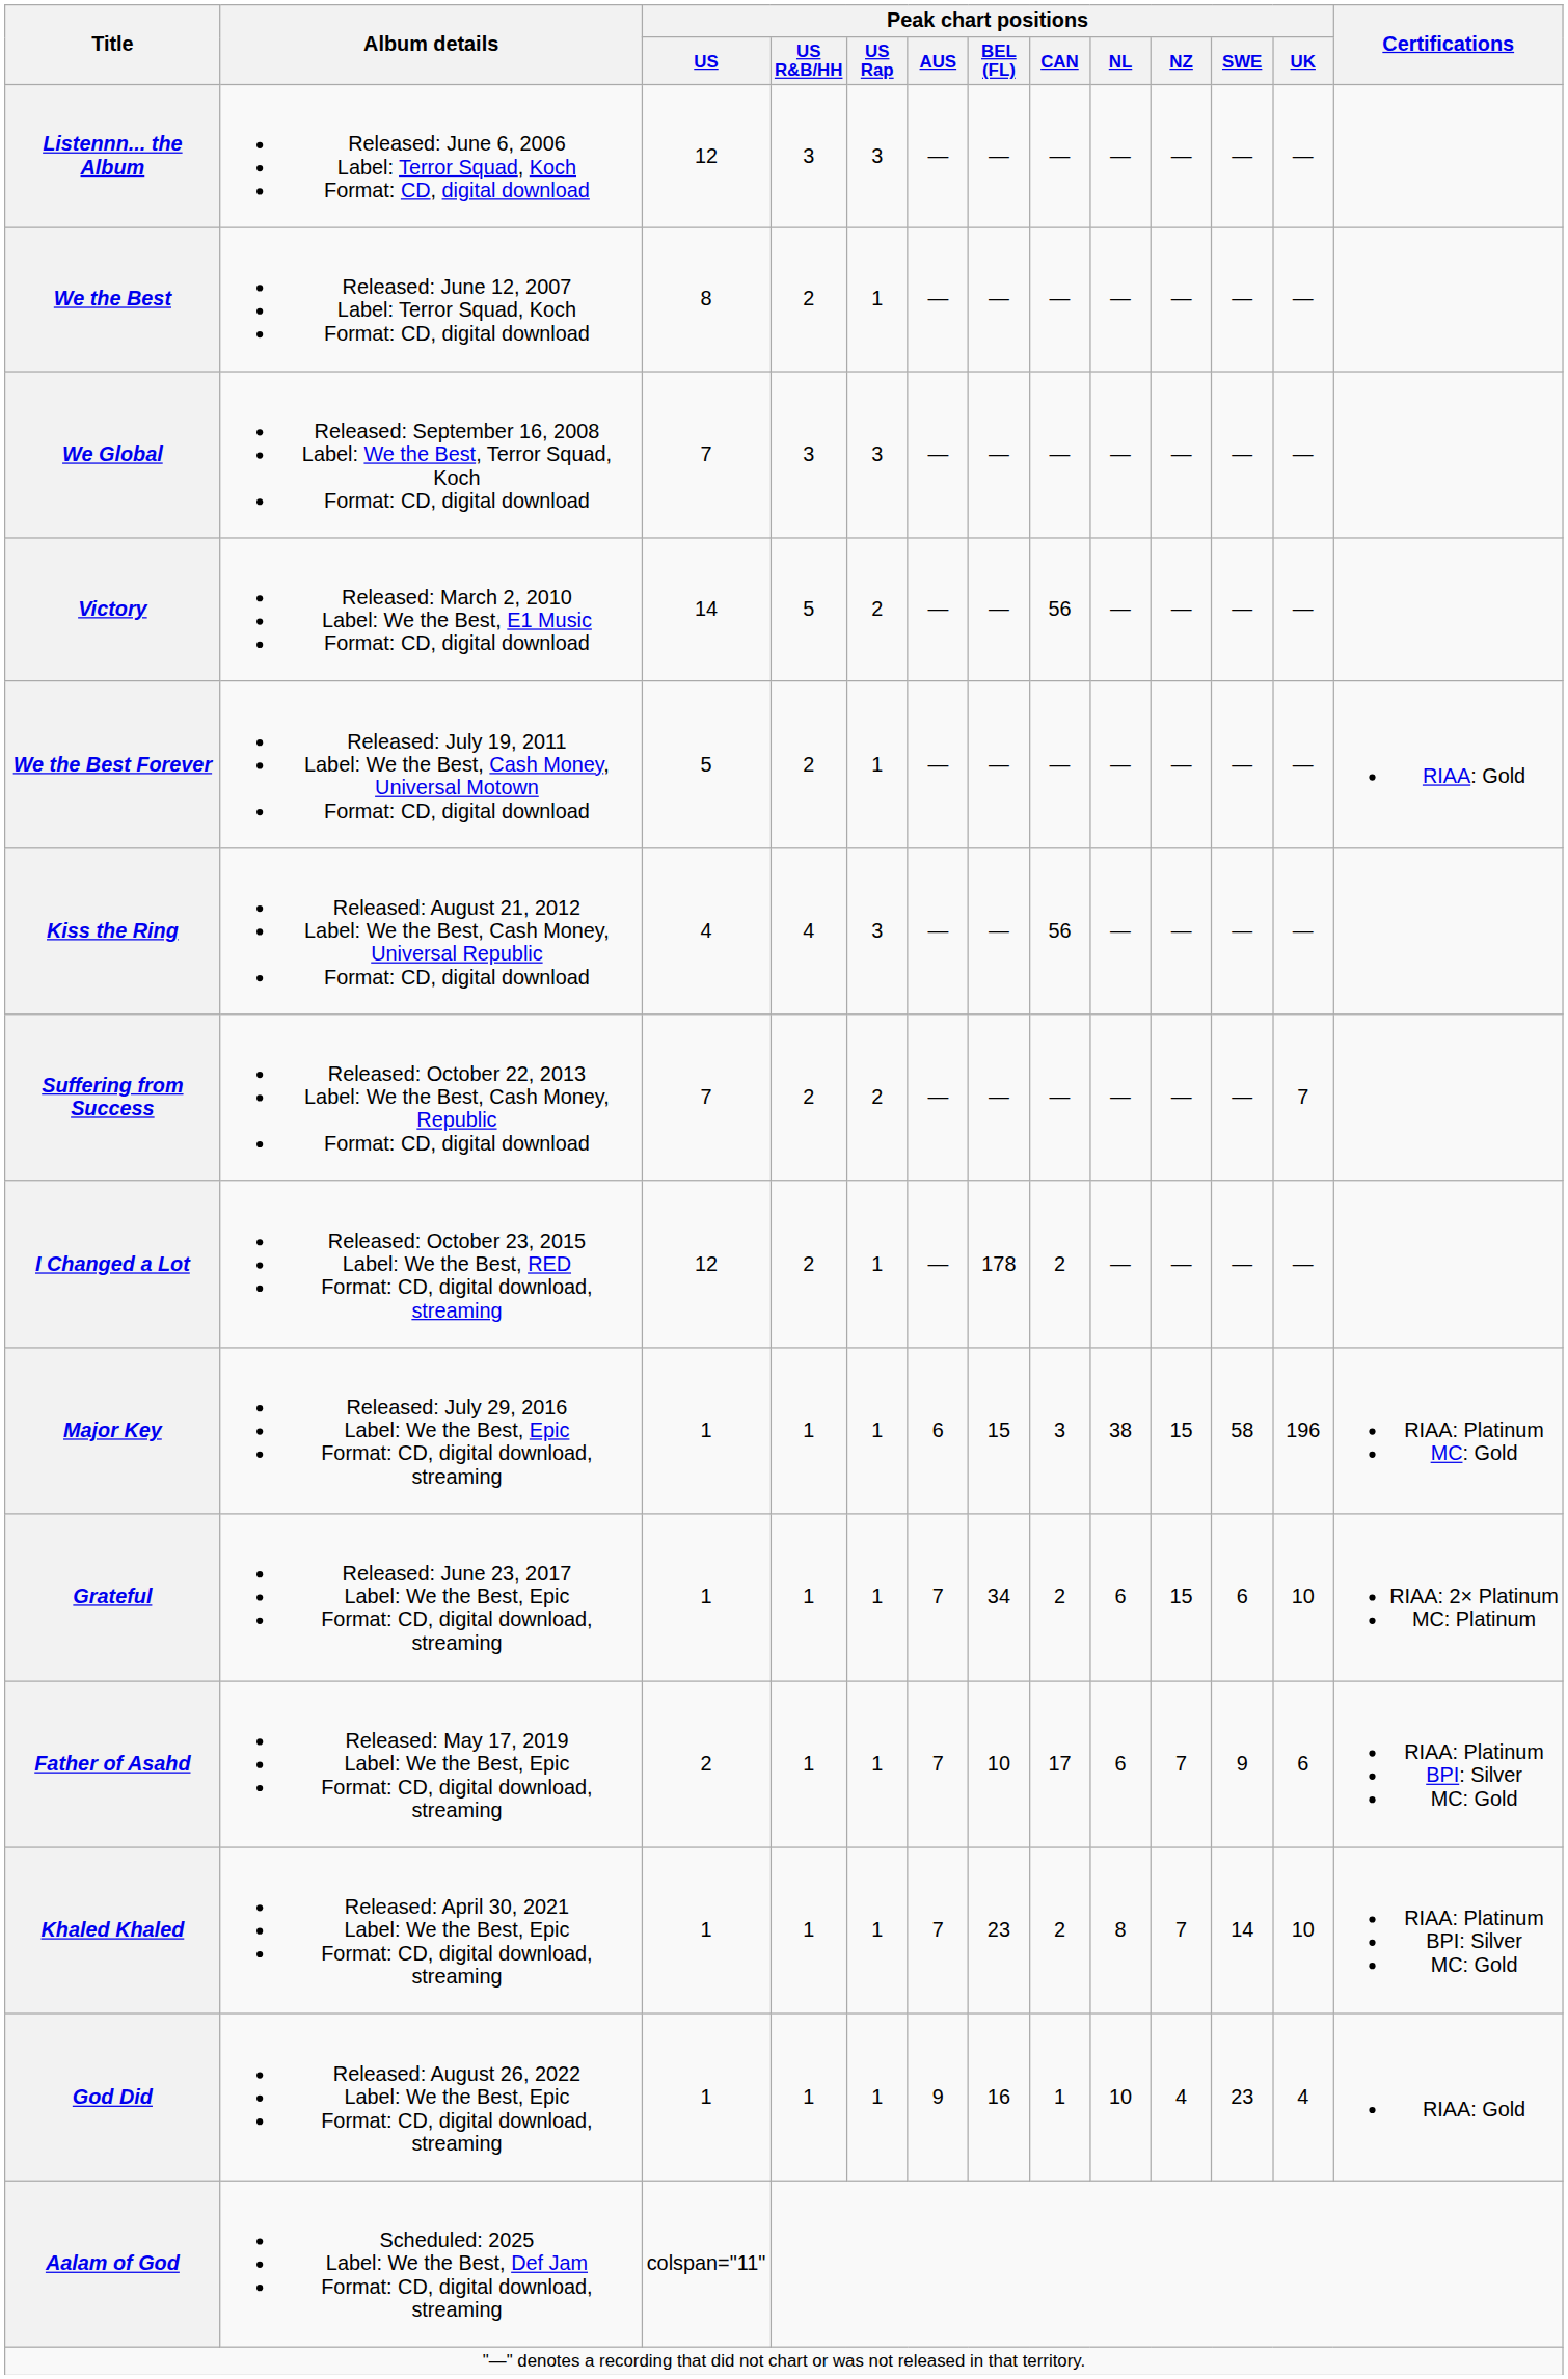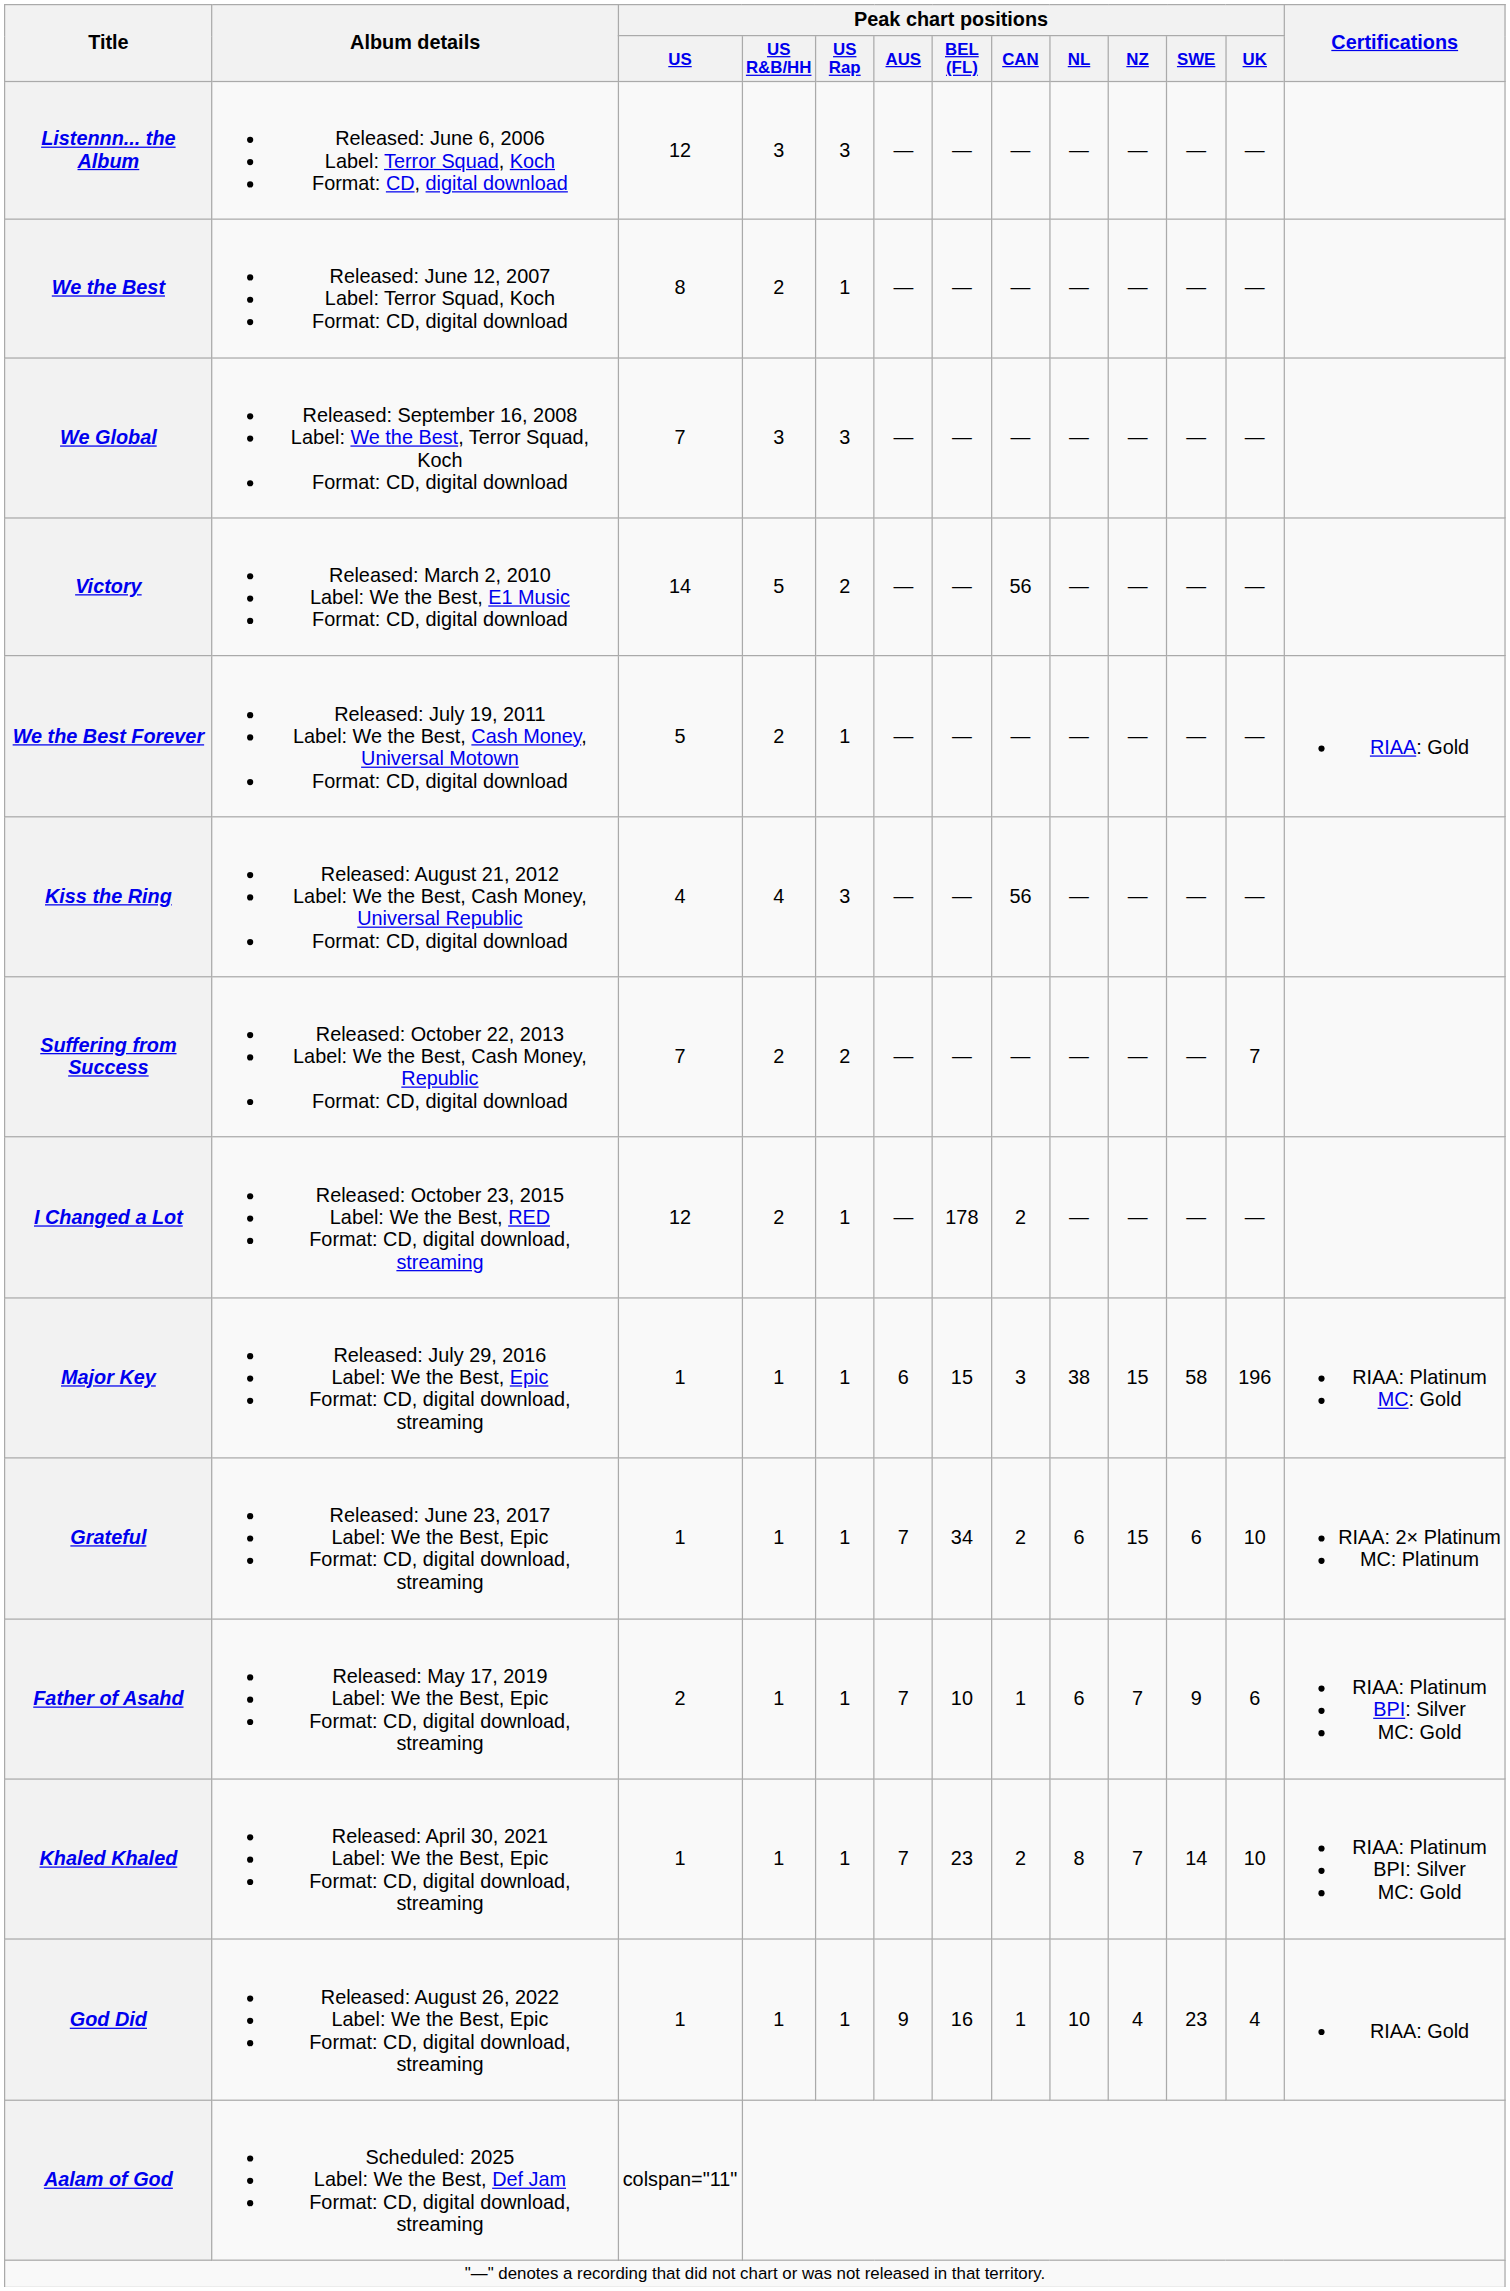 <table class="wikitable plainrowheaders" style="text-align:center;">
 <tr>
 <th scope="col" rowspan="2" style="width:10em;">Title</th>
 <th scope="col" rowspan="2" style="width:20em;">Album details</th>
 <th scope="col" colspan="10">Peak chart positions</th>
 <th scope="col" rowspan="2"><a href='#'>Certifications</a></th>
 </tr>
 <tr>
 <th scope="col" style="width:3em;font-size:85%;"><a href='#'>US</a><br></th>
 <th scope="col" style="width:3em;font-size:85%;"><a href='#'>US<br>R&B/HH</a><br></th>
 <th scope="col" style="width:3em;font-size:85%;"><a href='#'>US<br>Rap</a><br></th>
 <th scope="col" style="width:3em;font-size:85%;"><a href='#'>AUS</a><br></th>
 <th scope="col" style="width:3em;font-size:85%;"><a href='#'>BEL (FL)</a><br></th>
 <th scope="col" style="width:3em;font-size:85%;"><a href='#'>CAN</a><br></th>
 <th scope="col" style="width:3em;font-size:85%;"><a href='#'>NL</a><br></th>
 <th scope="col" style="width:3em;font-size:85%;"><a href='#'>NZ</a><br></th>
 <th scope="col" style="width:3em;font-size:85%;"><a href='#'>SWE</a><br></th>
 <th scope="col" style="width:3em;font-size:85%;"><a href='#'>UK</a><br></th>
 </tr>
 <tr>
 <th scope="row"><em><a href='#'>Listennn... the Album</a></em></th>
 <td><br><ul><li>Released: June 6, 2006</li><li>Label: <a href='#'>Terror Squad</a>, <a href='#'>Koch</a></li><li>Format: <a href='#'>CD</a>, <a href='#'>digital download</a></li></ul></td>
 <td>12</td>
 <td>3</td>
 <td>3</td>
 <td>—</td>
 <td>—</td>
 <td>—</td>
 <td>—</td>
 <td>—</td>
 <td>—</td>
 <td>—</td>
 <td></td>
 </tr>
 <tr>
 <th scope="row"><em><a href='#'>We the Best</a></em></th>
 <td><br><ul><li>Released: June 12, 2007</li><li>Label: Terror Squad, Koch</li><li>Format: CD, digital download</li></ul></td>
 <td>8</td>
 <td>2</td>
 <td>1</td>
 <td>—</td>
 <td>—</td>
 <td>—</td>
 <td>—</td>
 <td>—</td>
 <td>—</td>
 <td>—</td>
 <td></td>
 </tr>
 <tr>
 <th scope="row"><em><a href='#'>We Global</a></em></th>
 <td><br><ul><li>Released: September 16, 2008</li><li>Label: <a href='#'>We the Best</a>, Terror Squad, Koch</li><li>Format: CD, digital download</li></ul></td>
 <td>7</td>
 <td>3</td>
 <td>3</td>
 <td>—</td>
 <td>—</td>
 <td>—</td>
 <td>—</td>
 <td>—</td>
 <td>—</td>
 <td>—</td>
 <td></td>
 </tr>
 <tr>
 <th scope="row"><em><a href='#'>Victory</a></em></th>
 <td><br><ul><li>Released: March 2, 2010</li><li>Label: We the Best, <a href='#'>E1 Music</a></li><li>Format: CD, digital download</li></ul></td>
 <td>14</td>
 <td>5</td>
 <td>2</td>
 <td>—</td>
 <td>—</td>
 <td>56</td>
 <td>—</td>
 <td>—</td>
 <td>—</td>
 <td>—</td>
 <td></td>
 </tr>
 <tr>
 <th scope="row"><em><a href='#'>We the Best Forever</a></em></th>
 <td><br><ul><li>Released: July 19, 2011</li><li>Label: We the Best, <a href='#'>Cash Money</a>, <a href='#'>Universal Motown</a></li><li>Format: CD, digital download</li></ul></td>
 <td>5</td>
 <td>2</td>
 <td>1</td>
 <td>—</td>
 <td>—</td>
 <td>—</td>
 <td>—</td>
 <td>—</td>
 <td>—</td>
 <td>—</td>
 <td><br><ul><li><a href='#'>RIAA</a>: Gold</li></ul></td>
 </tr>
 <tr>
 <th scope="row"><em><a href='#'>Kiss the Ring</a></em></th>
 <td><br><ul><li>Released: August 21, 2012</li><li>Label: We the Best, Cash Money, <a href='#'>Universal Republic</a></li><li>Format: CD, digital download</li></ul></td>
 <td>4</td>
 <td>4</td>
 <td>3</td>
 <td>—</td>
 <td>—</td>
 <td>56</td>
 <td>—</td>
 <td>—</td>
 <td>—</td>
 <td>—</td>
 <td></td>
 </tr>
 <tr>
 <th scope="row"><em><a href='#'>Suffering from Success</a></em></th>
 <td><br><ul><li>Released: October 22, 2013</li><li>Label: We the Best, Cash Money, <a href='#'>Republic</a></li><li>Format: CD, digital download</li></ul></td>
 <td>7</td>
 <td>2</td>
 <td>2</td>
 <td>—</td>
 <td>—</td>
 <td>—</td>
 <td>—</td>
 <td>—</td>
 <td>—</td>
 <td>7</td>
 <td></td>
 </tr>
 <tr>
 <th scope="row"><em><a href='#'>I Changed a Lot</a></em></th>
 <td><br><ul><li>Released: October 23, 2015</li><li>Label: We the Best, <a href='#'>RED</a></li><li>Format: CD, digital download, <a href='#'>streaming</a></li></ul></td>
 <td>12</td>
 <td>2</td>
 <td>1</td>
 <td>—</td>
 <td>178</td>
 <td>2</td>
 <td>—</td>
 <td>—</td>
 <td>—</td>
 <td>—</td>
 <td></td>
 </tr>
 <tr>
 <th scope="row"><em><a href='#'>Major Key</a></em></th>
 <td><br><ul><li>Released: July 29, 2016</li><li>Label: We the Best, <a href='#'>Epic</a></li><li>Format: CD, digital download, streaming</li></ul></td>
 <td>1</td>
 <td>1</td>
 <td>1</td>
 <td>6</td>
 <td>15</td>
 <td>3</td>
 <td>38</td>
 <td>15</td>
 <td>58</td>
 <td>196</td>
 <td><br><ul><li>RIAA: Platinum</li><li><a href='#'>MC</a>: Gold</li></ul></td>
 </tr>
 <tr>
 <th scope="row"><em><a href='#'>Grateful</a></em></th>
 <td><br><ul><li>Released: June 23, 2017</li><li>Label: We the Best, Epic</li><li>Format: CD, digital download, streaming</li></ul></td>
 <td>1</td>
 <td>1</td>
 <td>1</td>
 <td>7</td>
 <td>34</td>
 <td>2</td>
 <td>6</td>
 <td>15</td>
 <td>6</td>
 <td>10</td>
 <td><br><ul><li>RIAA: 2× Platinum</li><li>MC: Platinum</li></ul></td>
 </tr>
 <tr>
 <th scope="row"><em><a href='#'>Father of Asahd</a></em></th>
 <td><br><ul><li>Released: May 17, 2019</li><li>Label: We the Best, Epic</li><li>Format: CD, digital download, streaming</li></ul></td>
 <td>2</td>
 <td>1</td>
 <td>1</td>
 <td>7</td>
 <td>10</td>
-<td>17</td>
+<td>1</td>
 <td>6</td>
 <td>7</td>
 <td>9</td>
 <td>6</td>
 <td><br><ul><li>RIAA: Platinum</li><li><a href='#'>BPI</a>: Silver</li><li>MC: Gold</li></ul></td>
 </tr>
 <tr>
 <th scope="row"><em><a href='#'>Khaled Khaled</a></em></th>
 <td><br><ul><li>Released: April 30, 2021</li><li>Label: We the Best, Epic</li><li>Format: CD, digital download, streaming</li></ul></td>
 <td>1</td>
 <td>1</td>
 <td>1</td>
 <td>7</td>
 <td>23</td>
 <td>2</td>
 <td>8</td>
 <td>7</td>
 <td>14</td>
 <td>10</td>
 <td><br><ul><li>RIAA: Platinum</li><li>BPI: Silver</li><li>MC: Gold</li></ul></td>
 </tr>
 <tr>
 <th scope="row"><em><a href='#'>God Did</a></em></th>
 <td><br><ul><li>Released: August 26, 2022</li><li>Label: We the Best, Epic</li><li>Format: CD, digital download, streaming</li></ul></td>
 <td>1</td>
 <td>1</td>
 <td>1</td>
 <td>9</td>
 <td>16</td>
 <td>1</td>
 <td>10</td>
 <td>4</td>
 <td>23</td>
 <td>4</td>
 <td><br><ul><li>RIAA: Gold</li></ul></td>
 </tr>
 <tr>
 <th scope="row"><em><a href='#'>Aalam of God</a></em></th>
 <td><br><ul><li>Scheduled: 2025</li><li>Label: We the Best, <a href='#'>Def Jam</a></li><li>Format: CD, digital download, streaming</li></ul></td>
 <td>colspan="11" </td>
 </tr>
 <tr>
 <td colspan="18" style="font-size:85%">"—" denotes a recording that did not chart or was not released in that territory.</td>
 </tr>
 </table>
